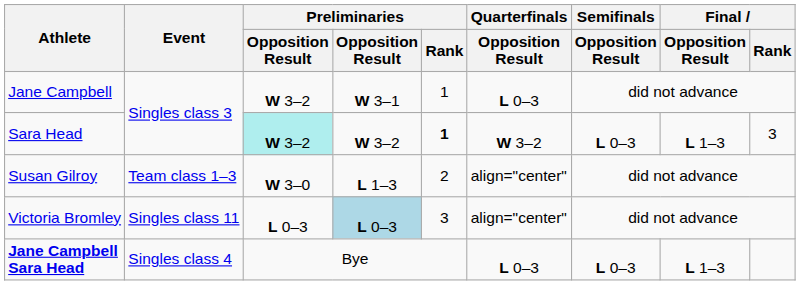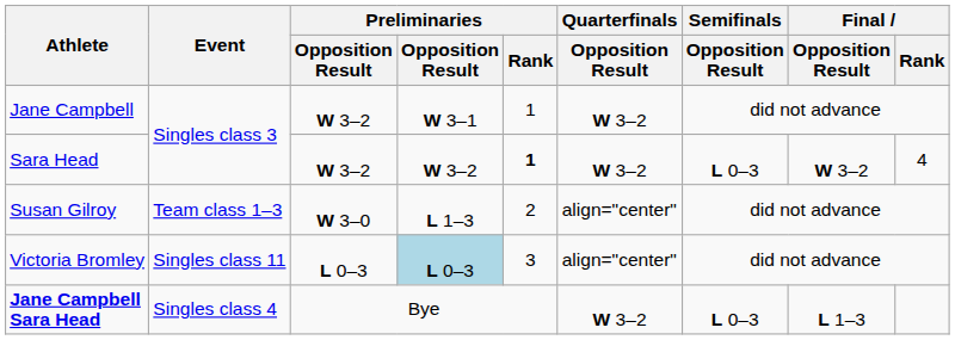 <table class=wikitable style="font-size:90%">
 <tr>
 <th rowspan="2">Athlete</th>
 <th rowspan="2">Event</th>
 <th colspan="3">Preliminaries</th>
 <th>Quarterfinals</th>
 <th>Semifinals</th>
 <th colspan="2">Final / </th>
 </tr>
 <tr>
 <th>Opposition<br>Result</th>
 <th>Opposition<br>Result</th>
 <th>Rank</th>
 <th>Opposition<br>Result</th>
 <th>Opposition<br>Result</th>
 <th>Opposition<br>Result</th>
 <th>Rank</th>
 </tr>
 <tr>
 <td><a href='#'>Jane Campbell</a></td>
 <td rowspan="2"><a href='#'>Singles class 3</a></td>
 <td align="center"><br><strong>W</strong> 3–2</td>
 <td align="center"><br><strong>W</strong> 3–1</td>
 <td align="center">1</td>
-<td align="center"><br><strong>L</strong> 0–3</td>
+<td align="center"><br><strong>W</strong> 3–2</td>
 <td align="center" colspan=3>did not advance</td>
 </tr>
 <tr>
 <td><a href='#'>Sara Head</a></td>
-<td align="center" style="background: paleturquoise;"><br><strong>W</strong> 3–2</td>
+<td align="center"><br><strong>W</strong> 3–2</td>
 <td align="center"><br><strong>W</strong> 3–2</td>
 <td align="center"><strong>1</strong></td>
 <td align="center"><br><strong>W</strong> 3–2</td>
 <td align="center"><br><strong>L</strong> 0–3</td>
-<td align="center"><br><strong>L</strong> 1–3</td>
-<td align="center">3</td>
+<td align="center"><br><strong>W</strong> 3–2</td>
+<td align="center">4</td>
 </tr>
 <tr>
 <td><a href='#'>Susan Gilroy</a></td>
 <td><a href='#'>Team class 1–3</a></td>
 <td align="center"><br><strong>W</strong> 3–0</td>
 <td align="center"><br><strong>L</strong>  1–3</td>
 <td align="center">2</td>
 <td>align="center" </td>
 <td align="center" colspan=3>did not advance</td>
 </tr>
 <tr>
 <td><a href='#'>Victoria Bromley</a></td>
 <td><a href='#'>Singles class 11</a></td>
 <td align="center"><br><strong>L</strong> 0–3</td>
 <td align="center" style="background: lightblue;"><br><strong>L</strong> 0–3</td>
 <td align="center">3</td>
 <td>align="center" </td>
 <td align="center" colspan=3>did not advance</td>
 </tr>
 <tr>
 <td><strong><a href='#'>Jane Campbell</a><br><a href='#'>Sara Head</a></strong></td>
 <td><a href='#'>Singles class 4</a></td>
 <td align="center" colspan="3">Bye</td>
-<td align="center"><br><strong>L</strong> 0–3</td>
+<td align="center"><br><strong>W</strong> 3–2</td>
 <td align="center"><br><strong>L</strong> 0–3</td>
 <td align="center"><br><strong>L</strong> 1–3</td>
 <td align="center"></td>
 </tr>
 </table>
